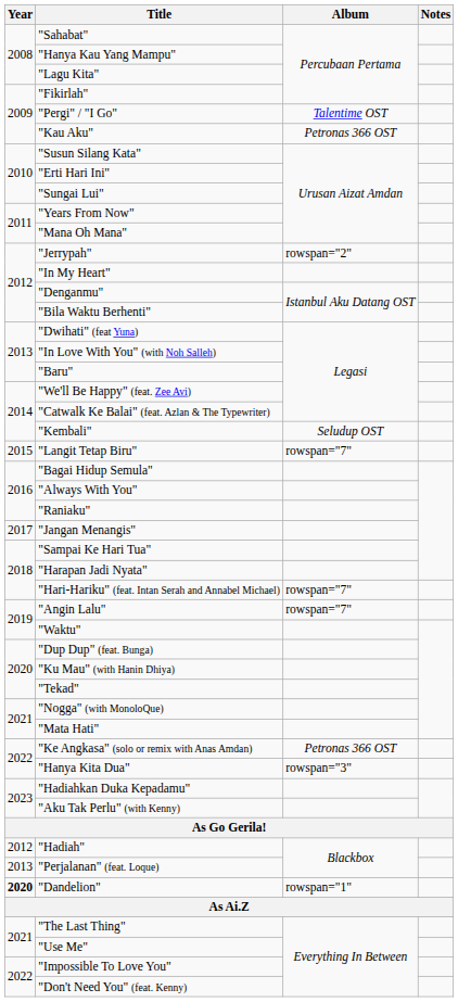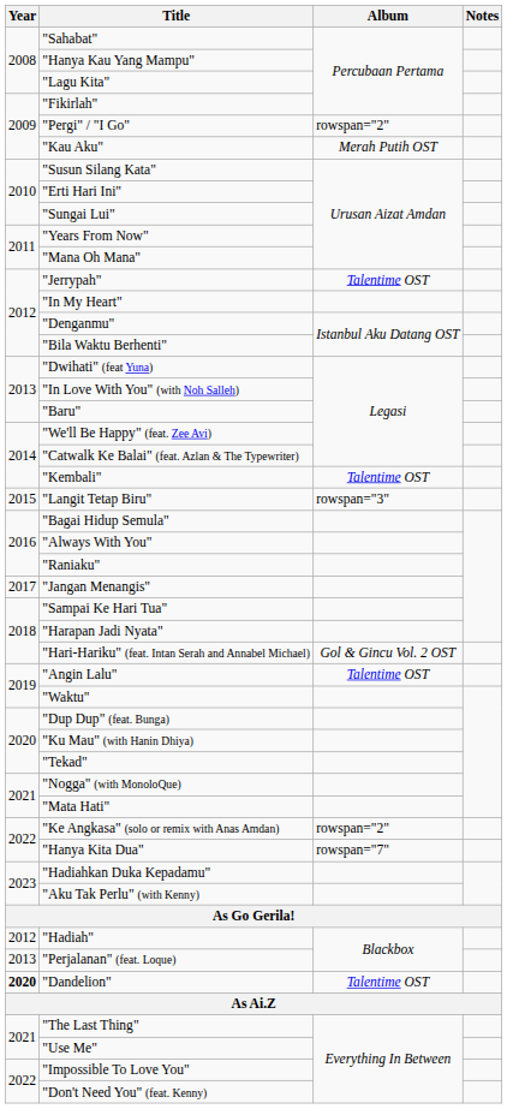 <table class="wikitable">
 <tr>
 <th>Year</th>
 <th>Title</th>
 <th>Album</th>
 <th>Notes</th>
 </tr>
 <tr>
 <td rowspan="3">2008</td>
 <td>"Sahabat"</td>
 <td rowspan="4" style="text-align:center;"><em>Percubaan Pertama</em></td>
 <td></td>
 </tr>
 <tr>
 <td>"Hanya Kau Yang Mampu"</td>
 <td></td>
 </tr>
 <tr>
 <td>"Lagu Kita"</td>
 <td></td>
 </tr>
 <tr>
 <td rowspan="3">2009</td>
 <td>"Fikirlah"</td>
 <td></td>
 </tr>
 <tr>
 <td>"Pergi" / "I Go"</td>
-<td rowspan="1" style="text-align:center;"><em><a href='#'>Talentime</a> OST</em></td>
+<td>rowspan="2" </td>
 <td></td>
 </tr>
 <tr>
 <td>"Kau Aku"</td>
-<td rowspan="1" style="text-align:center;"><em>Petronas 366 OST</em></td>
+<td rowspan="1" style="text-align:center;"><em>Merah Putih OST</em></td>
 <td></td>
 </tr>
 <tr>
 <td rowspan="3">2010</td>
 <td>"Susun Silang Kata"</td>
 <td rowspan="5" style="text-align:center;"><em>Urusan Aizat Amdan</em></td>
 <td></td>
 </tr>
 <tr>
 <td>"Erti Hari Ini"</td>
 <td></td>
 </tr>
 <tr>
 <td>"Sungai Lui"</td>
 <td></td>
 </tr>
 <tr>
 <td rowspan="2">2011</td>
 <td>"Years From Now"</td>
 <td></td>
 </tr>
 <tr>
 <td>"Mana Oh Mana"</td>
 <td></td>
 </tr>
 <tr>
 <td rowspan="4">2012</td>
 <td>"Jerrypah"</td>
-<td>rowspan="2" </td>
+<td rowspan="1" style="text-align:center;"><em><a href='#'>Talentime</a> OST</em></td>
 <td></td>
 </tr>
 <tr>
 <td>"In My Heart"</td>
 <td></td>
 </tr>
 <tr>
 <td>"Denganmu"</td>
 <td rowspan="2" style="text-align:center;"><em>Istanbul Aku Datang OST</em></td>
 <td></td>
 </tr>
 <tr>
 <td>"Bila Waktu Berhenti"</td>
 <td></td>
 </tr>
 <tr>
 <td rowspan="3">2013</td>
 <td>"Dwihati" <small>(feat <a href='#'>Yuna</a>)</small></td>
 <td rowspan="5" style="text-align:center;"><em>Legasi</em></td>
 <td></td>
 </tr>
 <tr>
 <td>"In Love With You" <small>(with <a href='#'>Noh Salleh</a>)</small></td>
 <td></td>
 </tr>
 <tr>
 <td>"Baru"</td>
 <td></td>
 </tr>
 <tr>
 <td rowspan="3">2014</td>
 <td>"We'll Be Happy" <small>(feat. <a href='#'>Zee Avi</a>)</small></td>
 <td></td>
 </tr>
 <tr>
 <td>"Catwalk Ke Balai" <small>(feat. Azlan & The Typewriter)</small></td>
 <td></td>
 </tr>
 <tr>
 <td>"Kembali"</td>
-<td rowspan="1" style="text-align:center;"><em>Seludup OST</em></td>
+<td rowspan="1" style="text-align:center;"><em><a href='#'>Talentime</a> OST</em></td>
 <td></td>
 </tr>
 <tr>
 <td>2015</td>
 <td>"Langit Tetap Biru"</td>
-<td>rowspan="7" </td>
+<td>rowspan="3" </td>
 <td></td>
 </tr>
 <tr>
 <td rowspan="3">2016</td>
 <td>"Bagai Hidup Semula"</td>
 <td></td>
 </tr>
 <tr>
 <td>"Always With You"</td>
 <td></td>
 </tr>
 <tr>
 <td>"Raniaku"</td>
 <td></td>
 </tr>
 <tr>
 <td>2017</td>
 <td>"Jangan Menangis"</td>
 <td></td>
 </tr>
 <tr>
 <td rowspan="3">2018</td>
 <td>"Sampai Ke Hari Tua"</td>
 <td></td>
 </tr>
 <tr>
 <td>"Harapan Jadi Nyata"</td>
 <td></td>
 </tr>
 <tr>
 <td>"Hari-Hariku" <small>(feat. Intan Serah and Annabel Michael)</small></td>
-<td>rowspan="7" </td>
+<td rowspan="1" style="text-align:center;"><em>Gol & Gincu Vol. 2 OST</em></td>
 <td></td>
 </tr>
 <tr>
 <td rowspan="2">2019</td>
 <td>"Angin Lalu"</td>
-<td>rowspan="7" </td>
+<td rowspan="1" style="text-align:center;"><em><a href='#'>Talentime</a> OST</em></td>
 <td></td>
 </tr>
 <tr>
 <td>"Waktu"</td>
 <td></td>
 </tr>
 <tr>
 <td rowspan="3">2020</td>
 <td>"Dup Dup" <small>(feat. Bunga)</small></td>
 <td></td>
 </tr>
 <tr>
 <td>"Ku Mau" <small>(with Hanin Dhiya)</small></td>
 <td></td>
 </tr>
 <tr>
 <td>"Tekad"</td>
 <td></td>
 </tr>
 <tr>
 <td rowspan="2">2021</td>
 <td>"Nogga" <small>(with MonoloQue)</small></td>
 <td></td>
 </tr>
 <tr>
 <td>"Mata Hati"</td>
 <td></td>
 </tr>
 <tr>
 <td rowspan="2">2022</td>
 <td>"Ke Angkasa" <small>(solo or remix with Anas Amdan)</small></td>
-<td rowspan="1" style="text-align:center;"><em>Petronas 366 OST</em></td>
+<td>rowspan="2" </td>
 <td></td>
 </tr>
 <tr>
 <td>"Hanya Kita Dua"</td>
-<td>rowspan="3" </td>
+<td>rowspan="7" </td>
 <td></td>
 </tr>
 <tr>
 <td rowspan="2">2023</td>
 <td>"Hadiahkan Duka Kepadamu"</td>
 <td></td>
 </tr>
 <tr>
 <td>"Aku Tak Perlu" <small>(with Kenny)</small></td>
 <td></td>
 </tr>
 <tr>
 <th colspan="4">As Go Gerila!</th>
 </tr>
 <tr>
 <td>2012</td>
 <td>"Hadiah"</td>
 <td rowspan="2" style="text-align:center;"><em>Blackbox</em></td>
 <td></td>
 </tr>
 <tr>
 <td>2013</td>
 <td>"Perjalanan" <small>(feat. Loque)</small></td>
 </tr>
 <tr>
 <td><strong>2020</strong></td>
 <td>"Dandelion"</td>
-<td>rowspan="1" </td>
+<td rowspan="1" style="text-align:center;"><em><a href='#'>Talentime</a> OST</em></td>
 <td></td>
 </tr>
 <tr>
 <th colspan="4">As Ai.Z</th>
 </tr>
 <tr>
 <td rowspan="2" style="text-align:center;">2021</td>
 <td>"The Last Thing"</td>
 <td rowspan="4" style="text-align:center;"><em>Everything In Between</em></td>
 <td></td>
 </tr>
 <tr>
 <td>"Use Me"</td>
 </tr>
 <tr>
 <td rowspan="2" style="text-align:center;">2022</td>
 <td>"Impossible To Love You"</td>
 <td></td>
 </tr>
 <tr>
 <td>"Don't Need You" <small>(feat. Kenny)</small></td>
 <td></td>
 </tr>
 </table>
